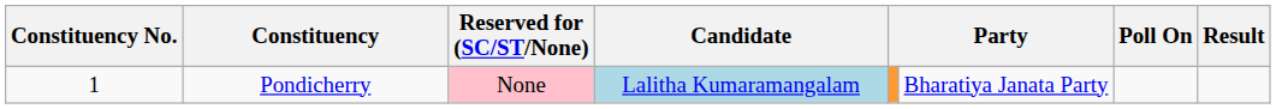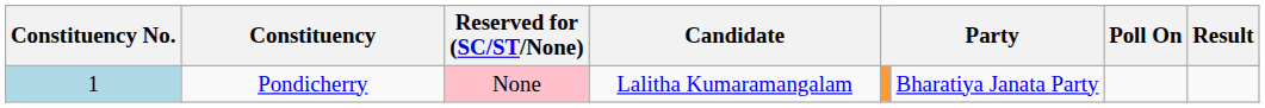 <table class="wikitable sortable" style="text-align:center">
 <tr>
 <th>Constituency No.</th>
 <th style="width:180px;">Constituency</th>
 <th>Reserved for<br>(<a href='#'>SC/ST</a>/None)</th>
 <th style="width:200px;">Candidate</th>
 <th colspan="2">Party</th>
 <th>Poll On</th>
 <th>Result</th>
 </tr>
 <tr>
-<td style="text-align:center;">1</td>
+<td style="background: lightblue; text-align:center;">1</td>
 <td><a href='#'>Pondicherry</a></td>
 <td style="background: pink;">None</td>
-<td style="background: lightblue;"><a href='#'>Lalitha Kumaramangalam</a></td>
+<td><a href='#'>Lalitha Kumaramangalam</a></td>
 <td bgcolor=#FF9933></td>
 <td><a href='#'>Bharatiya Janata Party</a></td>
 <td></td>
 <td></td>
 </tr>
 </table>
